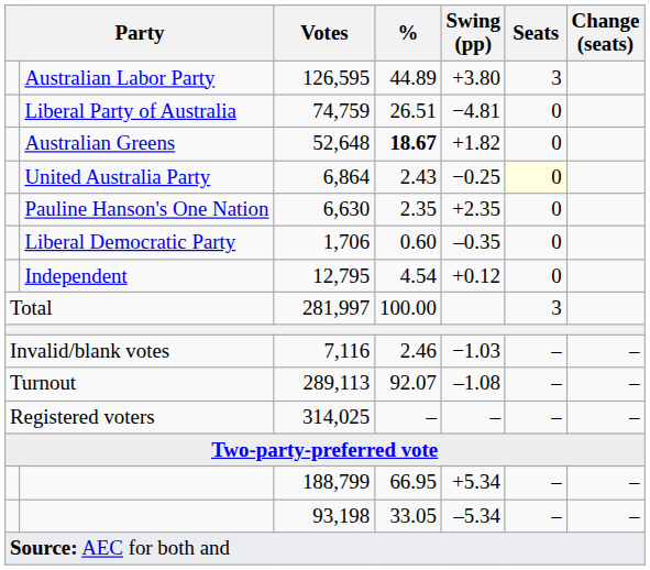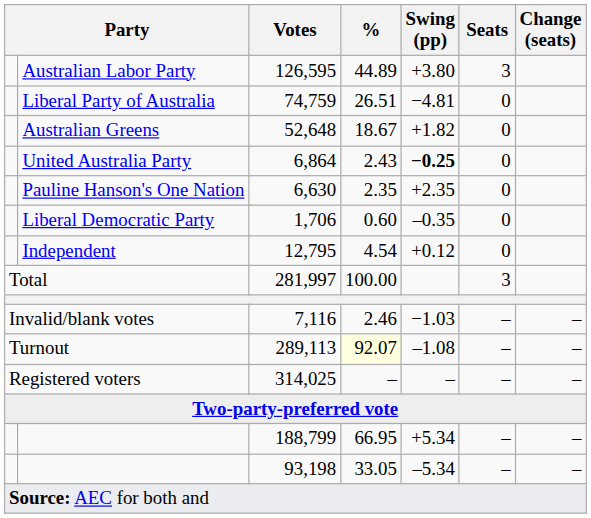 <table class="wikitable" style="text-align:right;  margin-bottom:0">
 <tr>
 <th style="width:200px" colspan=3>Party</th>
 <th style="width:70px;">Votes</th>
 <th style="width:40px;">%</th>
 <th style="width:40px;">Swing (pp)</th>
 <th style="width:40px;">Seats</th>
 <th style="width:40px;">Change (seats)</th>
 </tr>
 <tr>
 <td> </td>
 <td style="text-align:left;" colspan="2"><a href='#'>Australian Labor Party</a></td>
 <td align=right>126,595</td>
 <td align=right>44.89</td>
 <td align=right>+3.80</td>
 <td align=right>3</td>
 <td align=right></td>
 </tr>
 <tr>
 <td> </td>
 <td style="text-align:left;" colspan="2"><a href='#'>Liberal Party of Australia</a></td>
 <td>74,759</td>
 <td>26.51</td>
 <td>−4.81</td>
 <td>0</td>
 <td></td>
 </tr>
 <tr>
 <td> </td>
 <td style="text-align:left;" colspan="2"><a href='#'>Australian Greens</a></td>
 <td align=right>52,648</td>
-<td align=right><strong>18.67</strong></td>
+<td align=right>18.67</td>
 <td align=right>+1.82</td>
 <td align=right>0</td>
 <td align=right></td>
 </tr>
 <tr>
 <td> </td>
 <td colspan="2" style="text-align:left;"><a href='#'>United Australia Party</a></td>
 <td align="right">6,864</td>
 <td align="right">2.43</td>
-<td align="right">−0.25</td>
-<td align="right" style="background: lightyellow;">0</td>
+<td align="right"><strong>−0.25</strong></td>
+<td align="right">0</td>
 <td align="right"></td>
 </tr>
 <tr>
 <td> </td>
 <td colspan="2" style="text-align:left;"><a href='#'>Pauline Hanson's One Nation</a></td>
 <td align="right">6,630</td>
 <td align="right">2.35</td>
 <td align="right">+2.35</td>
 <td align="right">0</td>
 <td align="right"></td>
 </tr>
 <tr>
 <td> </td>
 <td style="text-align:left;" colspan="2"><a href='#'>Liberal Democratic Party</a></td>
 <td align=right>1,706</td>
 <td align=right>0.60</td>
 <td align=right>–0.35</td>
 <td align=right>0</td>
 <td align=right></td>
 </tr>
 <tr>
 <td> </td>
 <td style="text-align:left;" colspan="2"><a href='#'>Independent</a></td>
 <td align=right>12,795</td>
 <td align=right>4.54</td>
 <td align=right>+0.12</td>
 <td align=right>0</td>
 <td align=right></td>
 </tr>
 <tr>
 <td colspan=3 align=left>Total</td>
 <td align=right>281,997</td>
 <td align=right>100.00</td>
 <td align=right></td>
 <td align=right>3</td>
 <td align=right></td>
 </tr>
 <tr>
 <th colspan="9"></th>
 </tr>
 <tr>
 <td style="text-align:left;" colspan="3">Invalid/blank votes</td>
 <td align=right>7,116</td>
 <td align=right>2.46</td>
 <td align=right>−1.03</td>
 <td align=right>–</td>
 <td align=right>–</td>
 </tr>
 <tr>
 <td style="text-align:left;" colspan="3">Turnout</td>
 <td align=right>289,113</td>
-<td align=right>92.07</td>
+<td align=right style="background: lightyellow;">92.07</td>
 <td align=right>–1.08</td>
 <td align=right>–</td>
 <td align=right>–</td>
 </tr>
 <tr>
 <td style="text-align:left;" colspan="3">Registered voters</td>
 <td align=right>314,025</td>
 <td align=right>–</td>
 <td align=right>–</td>
 <td align=right>–</td>
 <td align=right>–</td>
 </tr>
 <tr>
 <td colspan="8" style="text-align:center; background:#eee;"><strong><a href='#'>Two-party-preferred vote</a></strong></td>
 </tr>
 <tr>
 <td> </td>
 <td colspan=2 align=left></td>
 <td align=right>188,799</td>
 <td align=right>66.95</td>
 <td align=right>+5.34</td>
 <td align=right>–</td>
 <td align=right>–</td>
 </tr>
 <tr>
 <td> </td>
 <td colspan=2 align=left></td>
 <td align=right>93,198</td>
 <td align=right>33.05</td>
 <td align=right>–5.34</td>
 <td align=right>–</td>
 <td align=right>–</td>
 </tr>
 <tr>
 <td style="text-align:left; background-color:#eaecf0" colspan="8"><strong>Source:</strong> <a href='#'>AEC</a> for both  and </td>
 </tr>
 </table>
